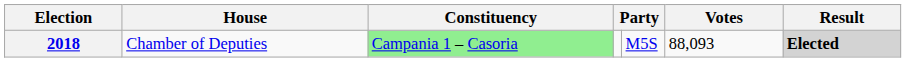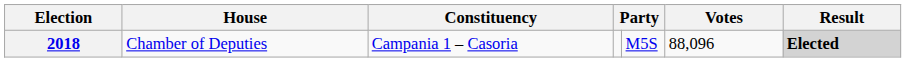 <table class=wikitable style="width:55%; border:1px #AAAAFF solid">
 <tr>
 <th width=12%>Election</th>
 <th width=25%>House</th>
 <th width=25%>Constituency</th>
 <th width=5% colspan="2">Party</th>
 <th width=12%>Votes</th>
 <th width=12%>Result</th>
 </tr>
 <tr>
 <th><a href='#'>2018</a></th>
 <td><a href='#'>Chamber of Deputies</a></td>
-<td style="background: lightgreen;"><a href='#'>Campania 1</a> – <a href='#'>Casoria</a></td>
+<td><a href='#'>Campania 1</a> – <a href='#'>Casoria</a></td>
 <td></td>
 <td><a href='#'>M5S</a></td>
-<td>88,093</td>
+<td>88,096</td>
 <td style="background: lightgrey;"> <strong>Elected</strong></td>
 </tr>
 </table>
